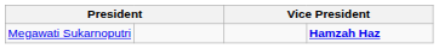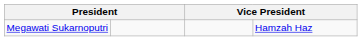 <table class="wikitable">
 <tr>
 <th colspan="2" width=270>President</th>
 <th colspan="2" width=270>Vice President</th>
 </tr>
 <tr>
 <td align="right"><a href='#'>Megawati Sukarnoputri</a></td>
 <td align="center" width=113></td>
 <td align="center" width=102></td>
-<td align="left"><strong><a href='#'>Hamzah Haz</a></strong></td>
+<td align="left"><a href='#'>Hamzah Haz</a></td>
 </tr>
 </table>
